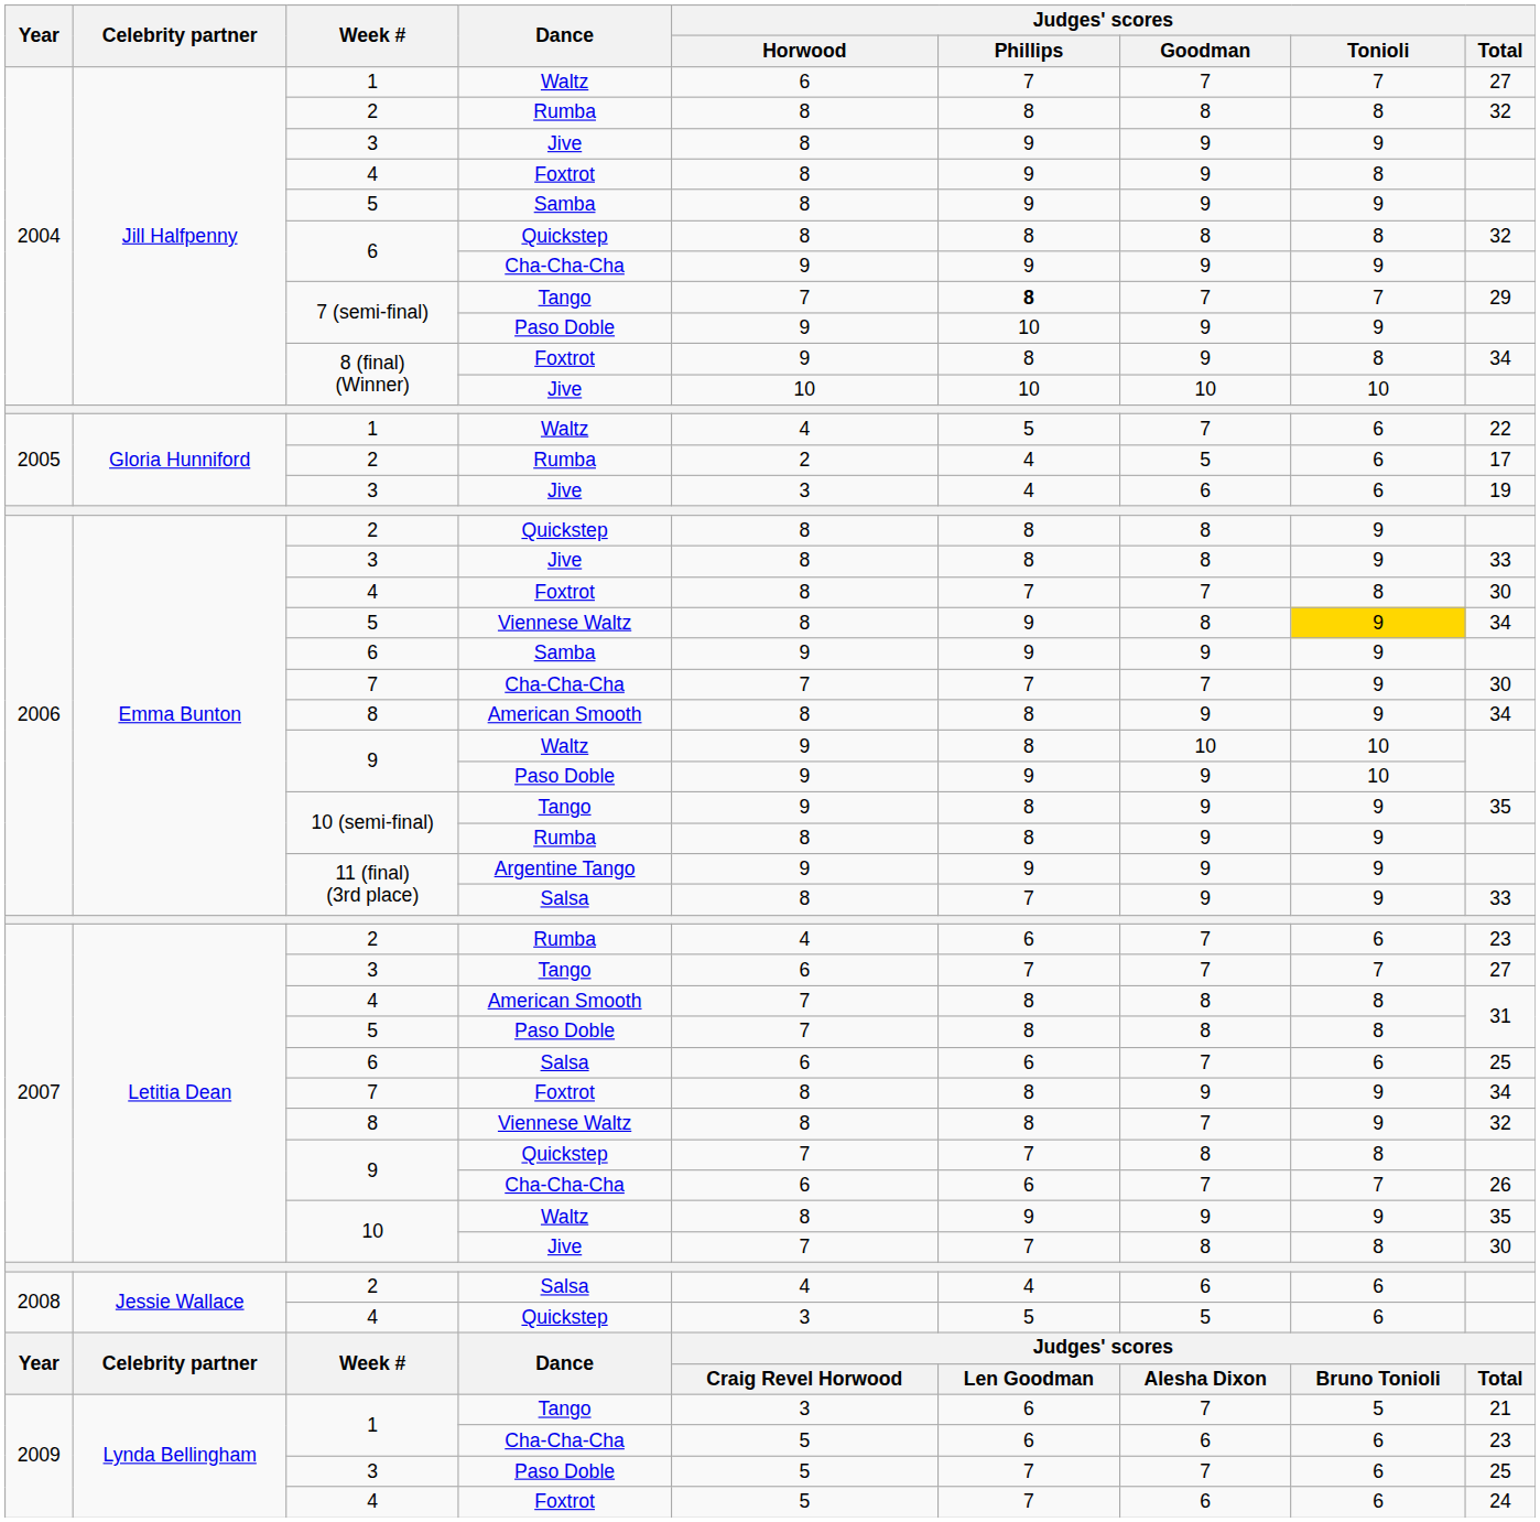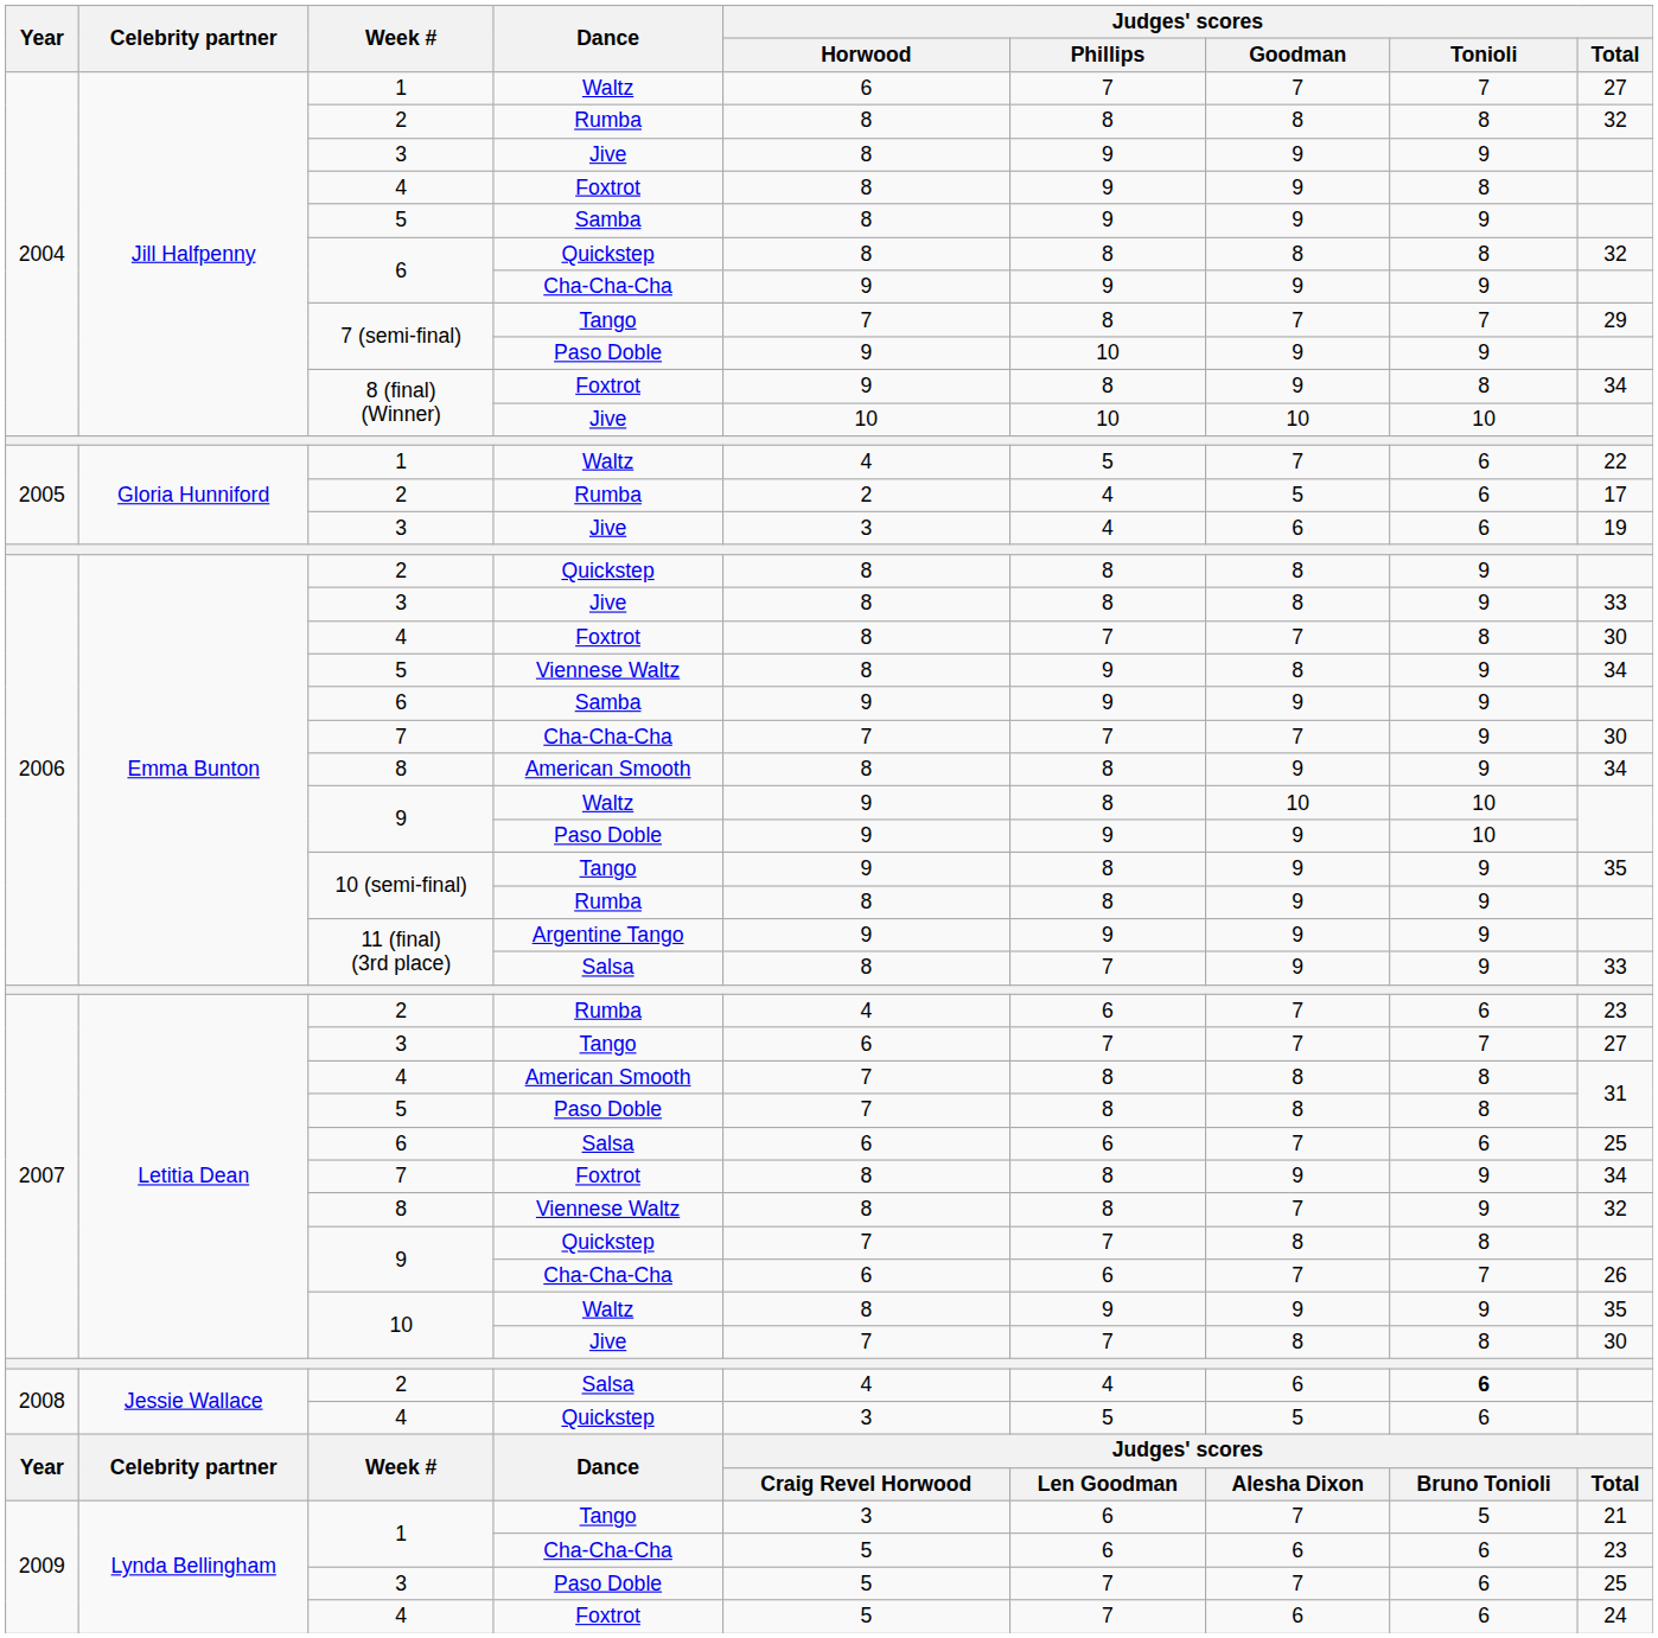 <table class="wikitable" style="text-align: center; width: 100%;">
 <tr>
 <th rowspan="2">Year</th>
 <th rowspan="2">Celebrity partner</th>
 <th rowspan="2">Week #</th>
 <th rowspan="2">Dance</th>
 <th colspan="5">Judges' scores</th>
 </tr>
 <tr>
 <th>Horwood</th>
 <th>Phillips</th>
 <th>Goodman</th>
 <th>Tonioli</th>
 <th>Total</th>
 </tr>
 <tr>
 <td rowspan="11">2004</td>
 <td rowspan="11"><a href='#'>Jill Halfpenny</a></td>
 <td>1</td>
 <td><a href='#'>Waltz</a></td>
 <td>6</td>
 <td>7</td>
 <td>7</td>
 <td>7</td>
 <td>27</td>
 </tr>
 <tr>
 <td>2</td>
 <td><a href='#'>Rumba</a></td>
 <td>8</td>
 <td>8</td>
 <td>8</td>
 <td>8</td>
 <td>32</td>
 </tr>
 <tr>
 <td>3</td>
 <td><a href='#'>Jive</a></td>
 <td>8</td>
 <td>9</td>
 <td>9</td>
 <td>9</td>
 <td></td>
 </tr>
 <tr>
 <td>4</td>
 <td><a href='#'>Foxtrot</a></td>
 <td>8</td>
 <td>9</td>
 <td>9</td>
 <td>8</td>
 <td></td>
 </tr>
 <tr>
 <td>5</td>
 <td><a href='#'>Samba</a></td>
 <td>8</td>
 <td>9</td>
 <td>9</td>
 <td>9</td>
 <td></td>
 </tr>
 <tr>
 <td rowspan="2">6</td>
 <td><a href='#'>Quickstep</a></td>
 <td>8</td>
 <td>8</td>
 <td>8</td>
 <td>8</td>
 <td>32</td>
 </tr>
 <tr>
 <td><a href='#'>Cha-Cha-Cha</a></td>
 <td>9</td>
 <td>9</td>
 <td>9</td>
 <td>9</td>
 <td></td>
 </tr>
 <tr>
 <td rowspan="2">7 (semi-final)</td>
 <td><a href='#'>Tango</a></td>
 <td>7</td>
-<td><strong>8</strong></td>
+<td>8</td>
 <td>7</td>
 <td>7</td>
 <td>29</td>
 </tr>
 <tr>
 <td><a href='#'>Paso Doble</a></td>
 <td>9</td>
 <td>10</td>
 <td>9</td>
 <td>9</td>
 <td></td>
 </tr>
 <tr>
 <td rowspan="2">8 (final)<br>(Winner)</td>
 <td><a href='#'>Foxtrot</a></td>
 <td>9</td>
 <td>8</td>
 <td>9</td>
 <td>8</td>
 <td>34</td>
 </tr>
 <tr>
 <td><a href='#'>Jive</a></td>
 <td>10</td>
 <td>10</td>
 <td>10</td>
 <td>10</td>
 <td></td>
 </tr>
 <tr>
 <th colspan="9"></th>
 </tr>
 <tr>
 <td rowspan="3">2005</td>
 <td rowspan="3"><a href='#'>Gloria Hunniford</a></td>
 <td>1</td>
 <td><a href='#'>Waltz</a></td>
 <td>4</td>
 <td>5</td>
 <td>7</td>
 <td>6</td>
 <td>22</td>
 </tr>
 <tr>
 <td>2</td>
 <td><a href='#'>Rumba</a></td>
 <td>2</td>
 <td>4</td>
 <td>5</td>
 <td>6</td>
 <td>17</td>
 </tr>
 <tr>
 <td>3</td>
 <td><a href='#'>Jive</a></td>
 <td>3</td>
 <td>4</td>
 <td>6</td>
 <td>6</td>
 <td>19</td>
 </tr>
 <tr>
 <th colspan="9"></th>
 </tr>
 <tr>
 <td rowspan="13">2006</td>
 <td rowspan="13"><a href='#'>Emma Bunton</a></td>
 <td>2</td>
 <td><a href='#'>Quickstep</a></td>
 <td>8</td>
 <td>8</td>
 <td>8</td>
 <td>9</td>
 <td></td>
 </tr>
 <tr>
 <td>3</td>
 <td><a href='#'>Jive</a></td>
 <td>8</td>
 <td>8</td>
 <td>8</td>
 <td>9</td>
 <td>33</td>
 </tr>
 <tr>
 <td>4</td>
 <td><a href='#'>Foxtrot</a></td>
 <td>8</td>
 <td>7</td>
 <td>7</td>
 <td>8</td>
 <td>30</td>
 </tr>
 <tr>
 <td>5</td>
 <td><a href='#'>Viennese Waltz</a></td>
 <td>8</td>
 <td>9</td>
 <td>8</td>
-<td style="background: gold;">9</td>
+<td>9</td>
 <td>34</td>
 </tr>
 <tr>
 <td>6</td>
 <td><a href='#'>Samba</a></td>
 <td>9</td>
 <td>9</td>
 <td>9</td>
 <td>9</td>
 <td></td>
 </tr>
 <tr>
 <td>7</td>
 <td><a href='#'>Cha-Cha-Cha</a></td>
 <td>7</td>
 <td>7</td>
 <td>7</td>
 <td>9</td>
 <td>30</td>
 </tr>
 <tr>
 <td>8</td>
 <td><a href='#'>American Smooth</a></td>
 <td>8</td>
 <td>8</td>
 <td>9</td>
 <td>9</td>
 <td>34</td>
 </tr>
 <tr>
 <td rowspan="2">9</td>
 <td><a href='#'>Waltz</a></td>
 <td>9</td>
 <td>8</td>
 <td>10</td>
 <td>10</td>
 <td rowspan="2"></td>
 </tr>
 <tr>
 <td><a href='#'>Paso Doble</a></td>
 <td>9</td>
 <td>9</td>
 <td>9</td>
 <td>10</td>
 </tr>
 <tr>
 <td rowspan="2">10 (semi-final)</td>
 <td><a href='#'>Tango</a></td>
 <td>9</td>
 <td>8</td>
 <td>9</td>
 <td>9</td>
 <td>35</td>
 </tr>
 <tr>
 <td><a href='#'>Rumba</a></td>
 <td>8</td>
 <td>8</td>
 <td>9</td>
 <td>9</td>
 <td></td>
 </tr>
 <tr>
 <td rowspan="2">11 (final)<br>(3rd place)</td>
 <td><a href='#'>Argentine Tango</a></td>
 <td>9</td>
 <td>9</td>
 <td>9</td>
 <td>9</td>
 <td></td>
 </tr>
 <tr>
 <td><a href='#'>Salsa</a></td>
 <td>8</td>
 <td>7</td>
 <td>9</td>
 <td>9</td>
 <td>33</td>
 </tr>
 <tr>
 <th colspan="9"></th>
 </tr>
 <tr>
 <td rowspan="11">2007</td>
 <td rowspan="11"><a href='#'>Letitia Dean</a></td>
 <td>2</td>
 <td><a href='#'>Rumba</a></td>
 <td>4</td>
 <td>6</td>
 <td>7</td>
 <td>6</td>
 <td>23</td>
 </tr>
 <tr>
 <td>3</td>
 <td><a href='#'>Tango</a></td>
 <td>6</td>
 <td>7</td>
 <td>7</td>
 <td>7</td>
 <td>27</td>
 </tr>
 <tr>
 <td>4</td>
 <td><a href='#'>American Smooth</a></td>
 <td>7</td>
 <td>8</td>
 <td>8</td>
 <td>8</td>
 <td rowspan="2">31</td>
 </tr>
 <tr>
 <td>5</td>
 <td><a href='#'>Paso Doble</a></td>
 <td>7</td>
 <td>8</td>
 <td>8</td>
 <td>8</td>
 </tr>
 <tr>
 <td>6</td>
 <td><a href='#'>Salsa</a></td>
 <td>6</td>
 <td>6</td>
 <td>7</td>
 <td>6</td>
 <td>25</td>
 </tr>
 <tr>
 <td>7</td>
 <td><a href='#'>Foxtrot</a></td>
 <td>8</td>
 <td>8</td>
 <td>9</td>
 <td>9</td>
 <td>34</td>
 </tr>
 <tr>
 <td>8</td>
 <td><a href='#'>Viennese Waltz</a></td>
 <td>8</td>
 <td>8</td>
 <td>7</td>
 <td>9</td>
 <td>32</td>
 </tr>
 <tr>
 <td rowspan="2">9</td>
 <td><a href='#'>Quickstep</a></td>
 <td>7</td>
 <td>7</td>
 <td>8</td>
 <td>8</td>
 <td></td>
 </tr>
 <tr>
 <td><a href='#'>Cha-Cha-Cha</a></td>
 <td>6</td>
 <td>6</td>
 <td>7</td>
 <td>7</td>
 <td>26</td>
 </tr>
 <tr>
 <td rowspan="2">10</td>
 <td><a href='#'>Waltz</a></td>
 <td>8</td>
 <td>9</td>
 <td>9</td>
 <td>9</td>
 <td>35</td>
 </tr>
 <tr>
 <td><a href='#'>Jive</a></td>
 <td>7</td>
 <td>7</td>
 <td>8</td>
 <td>8</td>
 <td>30</td>
 </tr>
 <tr>
 <th colspan="9"></th>
 </tr>
 <tr>
 <td rowspan="2">2008</td>
 <td rowspan="2"><a href='#'>Jessie Wallace</a></td>
 <td>2</td>
 <td><a href='#'>Salsa</a></td>
 <td>4</td>
 <td>4</td>
 <td>6</td>
-<td>6</td>
+<td><strong>6</strong></td>
 <td></td>
 </tr>
 <tr>
 <td>4</td>
 <td><a href='#'>Quickstep</a></td>
 <td>3</td>
 <td>5</td>
 <td>5</td>
 <td>6</td>
 <td></td>
 </tr>
 <tr>
 <th rowspan="2">Year</th>
 <th rowspan="2">Celebrity partner</th>
 <th rowspan="2">Week #</th>
 <th rowspan="2">Dance</th>
 <th colspan="5">Judges' scores</th>
 </tr>
 <tr>
 <th>Craig Revel Horwood</th>
 <th>Len Goodman</th>
 <th>Alesha Dixon</th>
 <th>Bruno Tonioli</th>
 <th>Total</th>
 </tr>
 <tr>
 <td rowspan="4">2009</td>
 <td rowspan="4"><a href='#'>Lynda Bellingham</a></td>
 <td rowspan="2">1</td>
 <td><a href='#'>Tango</a></td>
 <td>3</td>
 <td>6</td>
 <td>7</td>
 <td>5</td>
 <td>21</td>
 </tr>
 <tr>
 <td><a href='#'>Cha-Cha-Cha</a></td>
 <td>5</td>
 <td>6</td>
 <td>6</td>
 <td>6</td>
 <td>23</td>
 </tr>
 <tr>
 <td>3</td>
 <td><a href='#'>Paso Doble</a></td>
 <td>5</td>
 <td>7</td>
 <td>7</td>
 <td>6</td>
 <td>25</td>
 </tr>
 <tr>
 <td>4</td>
 <td><a href='#'>Foxtrot</a></td>
 <td>5</td>
 <td>7</td>
 <td>6</td>
 <td>6</td>
 <td>24</td>
 </tr>
 </table>
